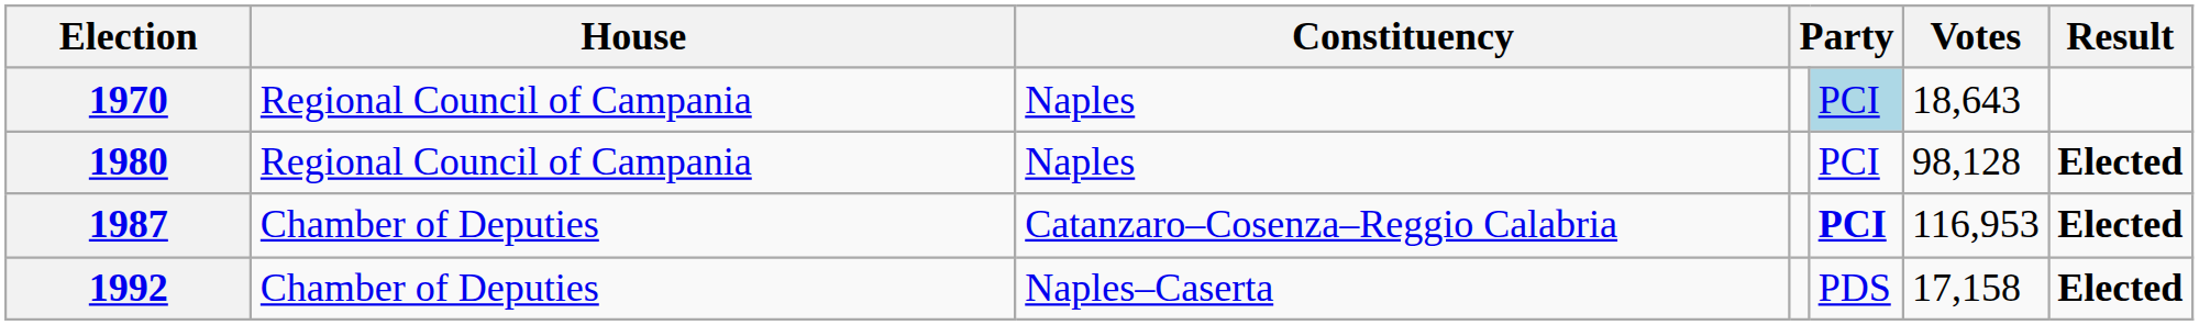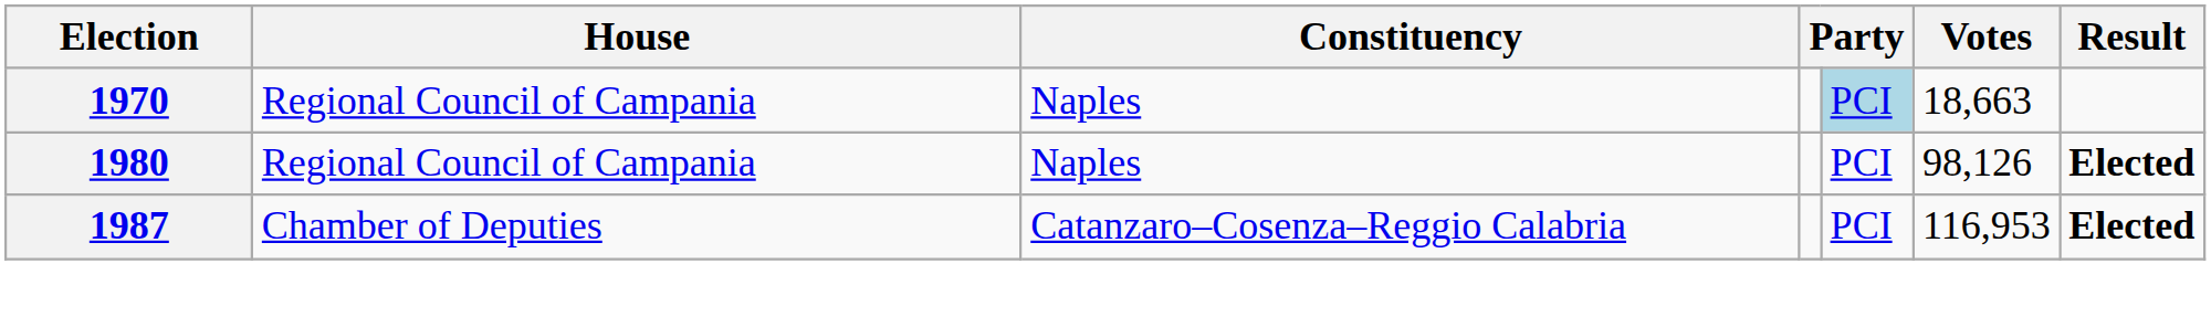 <table class=wikitable style="width:70%; border:1px #AAAAFF solid">
 <tr>
 <th width=12%>Election</th>
 <th width=40%>House</th>
 <th width=40%>Constituency</th>
 <th width=5% colspan="2">Party</th>
 <th width=12%>Votes</th>
 <th width=12%>Result</th>
 </tr>
 <tr>
 <th><a href='#'>1970</a></th>
 <td><a href='#'>Regional Council of Campania</a></td>
 <td><a href='#'>Naples</a></td>
 <td></td>
 <td style="background: lightblue;"><a href='#'>PCI</a></td>
-<td>18,643</td>
+<td>18,663</td>
 <td></td>
 </tr>
 <tr>
 <th><a href='#'>1980</a></th>
 <td><a href='#'>Regional Council of Campania</a></td>
 <td><a href='#'>Naples</a></td>
 <td></td>
 <td><a href='#'>PCI</a></td>
-<td>98,128</td>
+<td>98,126</td>
 <td> <strong>Elected</strong></td>
 </tr>
 <tr>
 <th><a href='#'>1987</a></th>
 <td><a href='#'>Chamber of Deputies</a></td>
 <td><a href='#'>Catanzaro–Cosenza–Reggio Calabria</a></td>
 <td></td>
-<td><strong><a href='#'>PCI</a></strong></td>
+<td><a href='#'>PCI</a></td>
 <td>116,953</td>
 <td> <strong>Elected</strong></td>
 </tr>
-<tr>
-<th><a href='#'>1992</a></th>
-<td><a href='#'>Chamber of Deputies</a></td>
-<td><a href='#'>Naples–Caserta</a></td>
-<td></td>
-<td><a href='#'>PDS</a></td>
-<td>17,158</td>
-<td> <strong>Elected</strong></td>
-</tr>
 </table>
